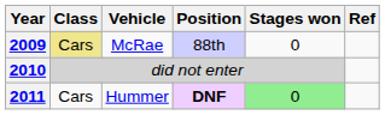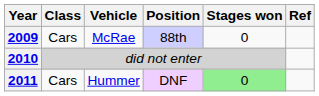 <table class="wikitable" style="text-align:center; font-size:90%">
 <tr>
 <th>Year</th>
 <th>Class</th>
 <th>Vehicle</th>
 <th>Position</th>
 <th>Stages won</th>
 <th>Ref</th>
 </tr>
 <tr>
 <th><a href='#'>2009</a></th>
-<td style="background: khaki;">Cars</td>
+<td>Cars</td>
 <td> <a href='#'>McRae</a></td>
 <td align="center" style="background:#CFCFFF;">88th</td>
 <td align="center">0</td>
 <td align="center"></td>
 </tr>
 <tr>
 <th><a href='#'>2010</a></th>
 <td colspan=4 align=center style="background:lightgrey;"><em>did not enter</em></td>
 </tr>
 <tr>
 <th><a href='#'>2011</a></th>
 <td>Cars</td>
 <td> <a href='#'>Hummer</a></td>
-<td align="center" style="background:#EFCFFF;"><strong>DNF</strong></td>
+<td align="center" style="background:#EFCFFF;">DNF</td>
 <td align="center" style="background: lightgreen;">0</td>
 <td align="center"></td>
 </tr>
 </table>
